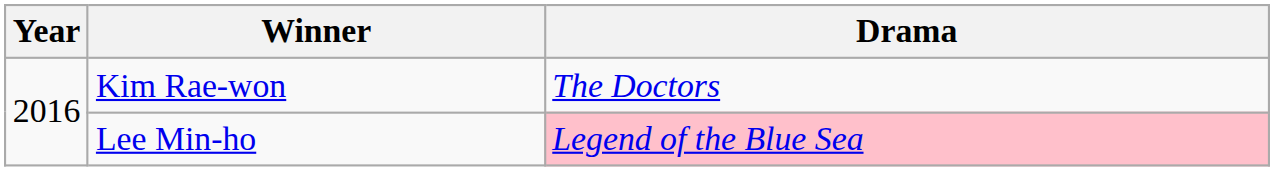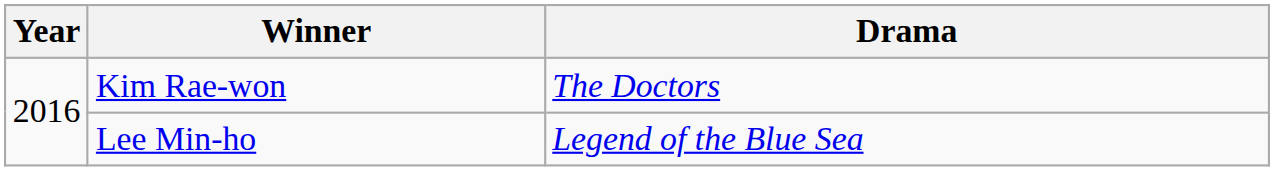 <table class="wikitable" style="width:600px">
 <tr>
 <th width=10>Year</th>
 <th>Winner</th>
 <th>Drama</th>
 </tr>
 <tr>
 <td rowspan=2>2016</td>
 <td><a href='#'>Kim Rae-won</a></td>
 <td><em><a href='#'>The Doctors</a></em></td>
 </tr>
 <tr>
 <td><a href='#'>Lee Min-ho</a></td>
-<td style="background: pink;"><em><a href='#'>Legend of the Blue Sea</a></em></td>
+<td><em><a href='#'>Legend of the Blue Sea</a></em></td>
 </tr>
 </table>
